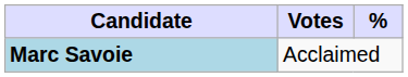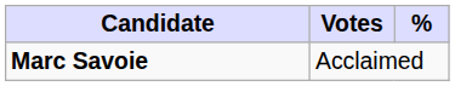 <table class="wikitable">
 <tr>
 <th style="background:#ddf; width:200px;">Candidate</th>
 <th style="background:#ddf; width:50px;">Votes</th>
 <th style="background:#ddf; width:30px;">%</th>
 </tr>
 <tr>
-<td style="background: lightblue;"><strong>Marc Savoie</strong></td>
+<td><strong>Marc Savoie</strong></td>
 <td colspan="2">Acclaimed</td>
 </tr>
 </table>
